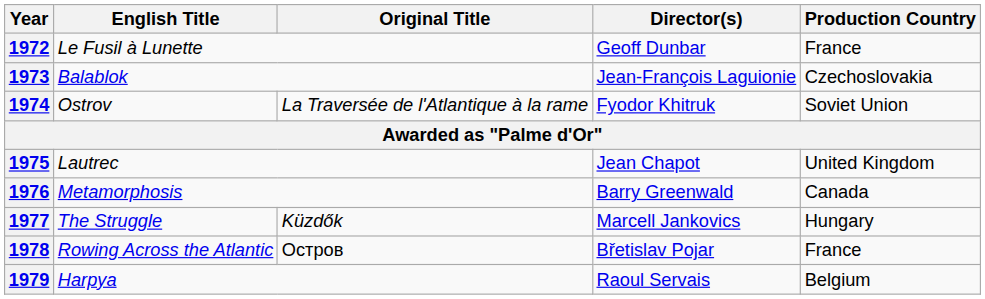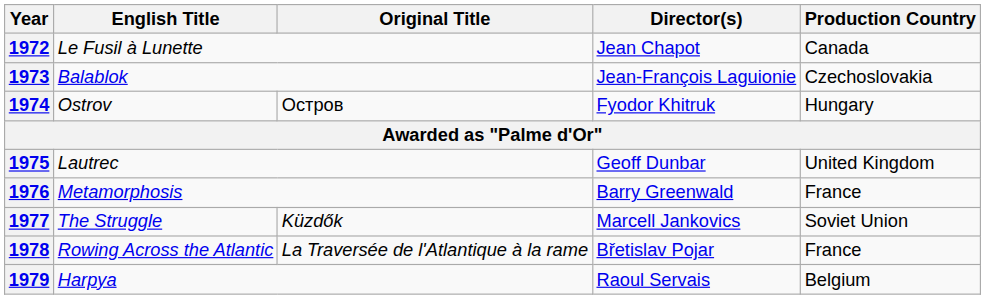 <table class="wikitable">
 <tr>
 <th>Year</th>
 <th>English Title</th>
 <th>Original Title</th>
 <th>Director(s)</th>
 <th>Production Country</th>
 </tr>
 <tr>
 <th><a href='#'>1972</a></th>
 <td colspan="2"><em>Le Fusil à Lunette</em></td>
-<td><a href='#'>Geoff Dunbar</a></td>
-<td>France</td>
+<td><a href='#'>Jean Chapot</a></td>
+<td>Canada</td>
 </tr>
 <tr>
 <th><a href='#'>1973</a></th>
 <td colspan="2"><em><a href='#'>Balablok</a></em></td>
 <td><a href='#'>Jean-François Laguionie</a></td>
 <td>Czechoslovakia</td>
 </tr>
 <tr>
 <th><a href='#'>1974</a></th>
 <td><em>Ostrov</em></td>
-<td><em>La Traversée de l'Atlantique à la rame</em></td>
+<td>Остров</td>
 <td><a href='#'>Fyodor Khitruk</a></td>
-<td>Soviet Union</td>
+<td>Hungary</td>
 </tr>
 <tr>
 <th colspan="5" data-sort-value="1974!">Awarded as "Palme d'Or"</th>
 </tr>
 <tr>
 <th><a href='#'>1975</a></th>
 <td colspan="2"><em>Lautrec</em></td>
-<td><a href='#'>Jean Chapot</a></td>
+<td><a href='#'>Geoff Dunbar</a></td>
 <td>United Kingdom</td>
 </tr>
 <tr>
 <th><a href='#'>1976</a></th>
 <td colspan="2"><em><a href='#'>Metamorphosis</a></em></td>
 <td><a href='#'>Barry Greenwald</a></td>
-<td>Canada</td>
+<td>France</td>
 </tr>
 <tr>
 <th><a href='#'>1977</a></th>
 <td><em><a href='#'>The Struggle</a></em></td>
 <td><em>Küzdők</em></td>
 <td><a href='#'>Marcell Jankovics</a></td>
-<td>Hungary</td>
+<td>Soviet Union</td>
 </tr>
 <tr>
 <th><a href='#'>1978</a></th>
 <td><em><a href='#'>Rowing Across the Atlantic</a></em></td>
-<td>Остров</td>
+<td><em>La Traversée de l'Atlantique à la rame</em></td>
 <td><a href='#'>Břetislav Pojar</a></td>
 <td>France</td>
 </tr>
 <tr>
 <th><a href='#'>1979</a></th>
 <td colspan="2"><em><a href='#'>Harpya</a></em></td>
 <td><a href='#'>Raoul Servais</a></td>
 <td>Belgium</td>
 </tr>
 </table>
